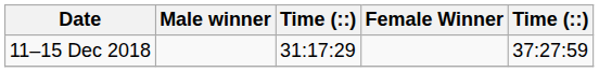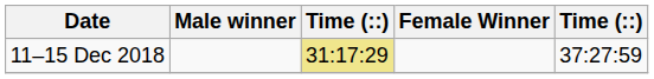 <table class="wikitable sortable">
 <tr>
 <th>Date</th>
 <th>Male winner</th>
 <th>Time (::)</th>
 <th>Female Winner</th>
 <th>Time (::)</th>
 </tr>
 <tr>
 <td>11–15 Dec 2018</td>
 <td></td>
-<td>31:17:29</td>
+<td style="background: khaki;">31:17:29</td>
 <td></td>
 <td>37:27:59</td>
 </tr>
 <tr>
 </tr>
 </table>
